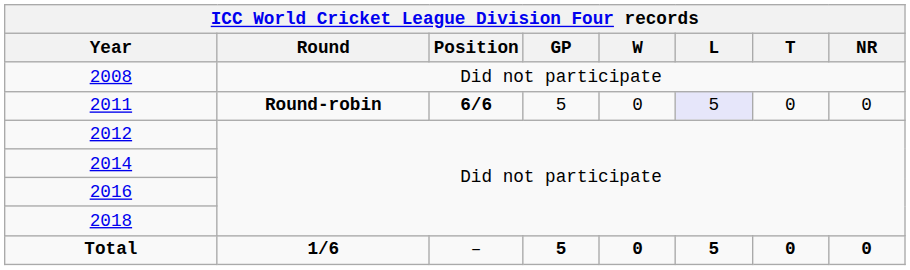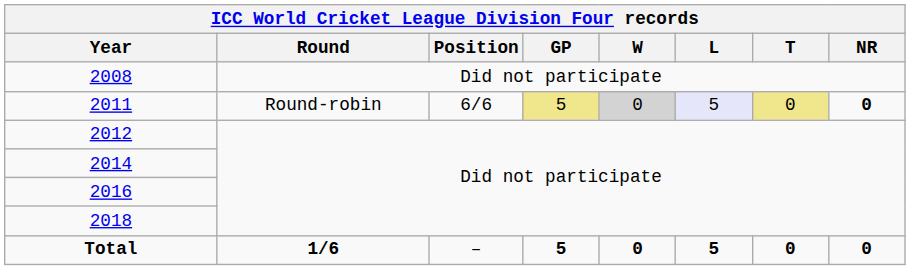 <table class="wikitable" style="text-align: center; width=900px;">
 <tr>
 <th colspan=9><a href='#'>ICC World Cricket League Division Four</a> records</th>
 </tr>
 <tr>
 <th width=150>Year</th>
 <th width=150>Round</th>
 <th width=50>Position</th>
 <th width=50>GP</th>
 <th width=50>W</th>
 <th width=50>L</th>
 <th width=50>T</th>
 <th width=50>NR</th>
 </tr>
 <tr>
 <td> <a href='#'>2008</a></td>
 <td colspan=8>Did not participate</td>
 </tr>
 <tr>
 <td> <a href='#'>2011</a></td>
-<td><strong>Round-robin</strong></td>
-<td><strong>6/6</strong></td>
-<td>5</td>
-<td>0</td>
+<td>Round-robin</td>
+<td>6/6</td>
+<td style="background: khaki;">5</td>
+<td style="background: lightgrey;">0</td>
 <td style="background: lavender;">5</td>
-<td>0</td>
-<td>0</td>
+<td style="background: khaki;">0</td>
+<td><strong>0</strong></td>
 </tr>
 <tr>
 <td> <a href='#'>2012</a></td>
 <td colspan=8 rowspan=4>Did not participate</td>
 </tr>
 <tr>
 <td> <a href='#'>2014</a></td>
 </tr>
 <tr>
 <td> <a href='#'>2016</a></td>
 </tr>
 <tr>
 <td> <a href='#'>2018</a></td>
 </tr>
 <tr>
 <td><strong>Total</strong></td>
 <td><strong>1/6</strong></td>
 <td>–</td>
 <td><strong>5</strong></td>
 <td><strong>0</strong></td>
 <td><strong>5</strong></td>
 <td><strong>0</strong></td>
 <td><strong>0</strong></td>
 </tr>
 </table>
